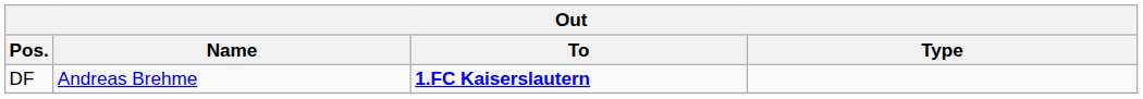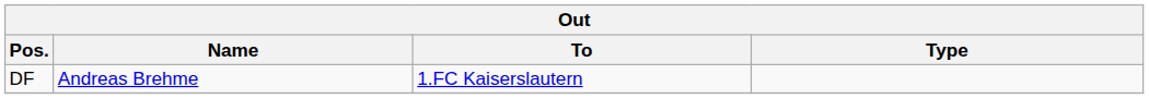 <table class="wikitable" style="font-size:90%;width:99%;">
 <tr>
 <th colspan="4">Out</th>
 </tr>
 <tr>
 <th width=3%>Pos.</th>
 <th width=32%>Name</th>
 <th width=30%>To</th>
 <th width=35%>Type</th>
 </tr>
 <tr>
 <td>DF</td>
 <td><a href='#'>Andreas Brehme</a></td>
-<td><strong><a href='#'>1.FC Kaiserslautern</a></strong></td>
+<td><a href='#'>1.FC Kaiserslautern</a></td>
 <td></td>
 </tr>
 <tr>
 </tr>
 </table>
